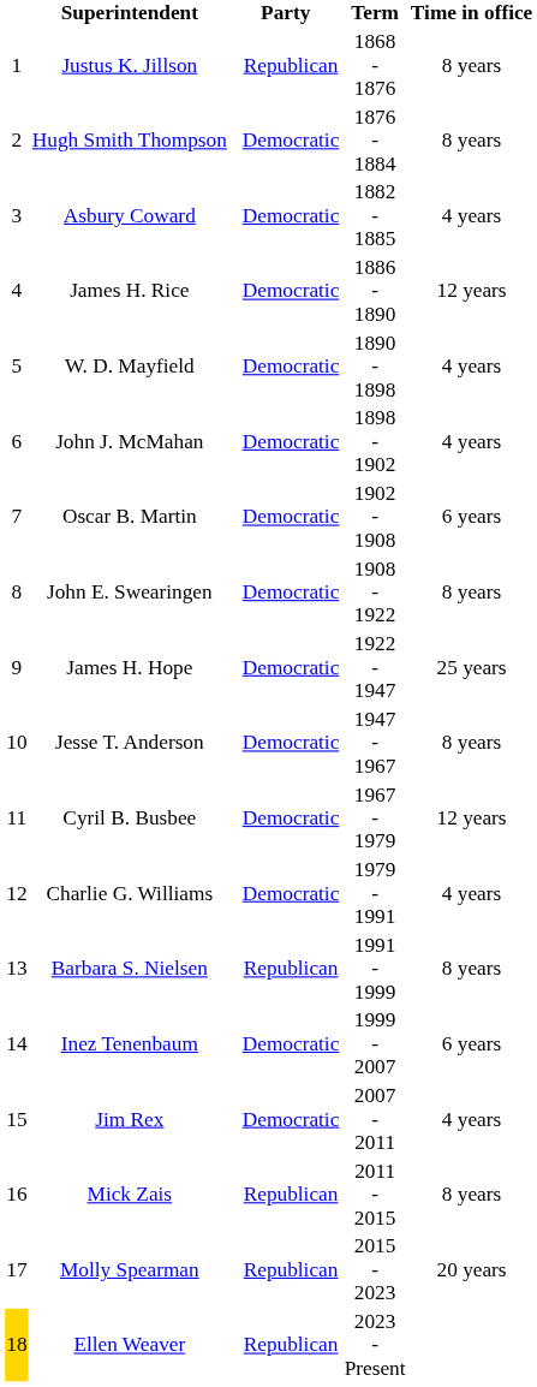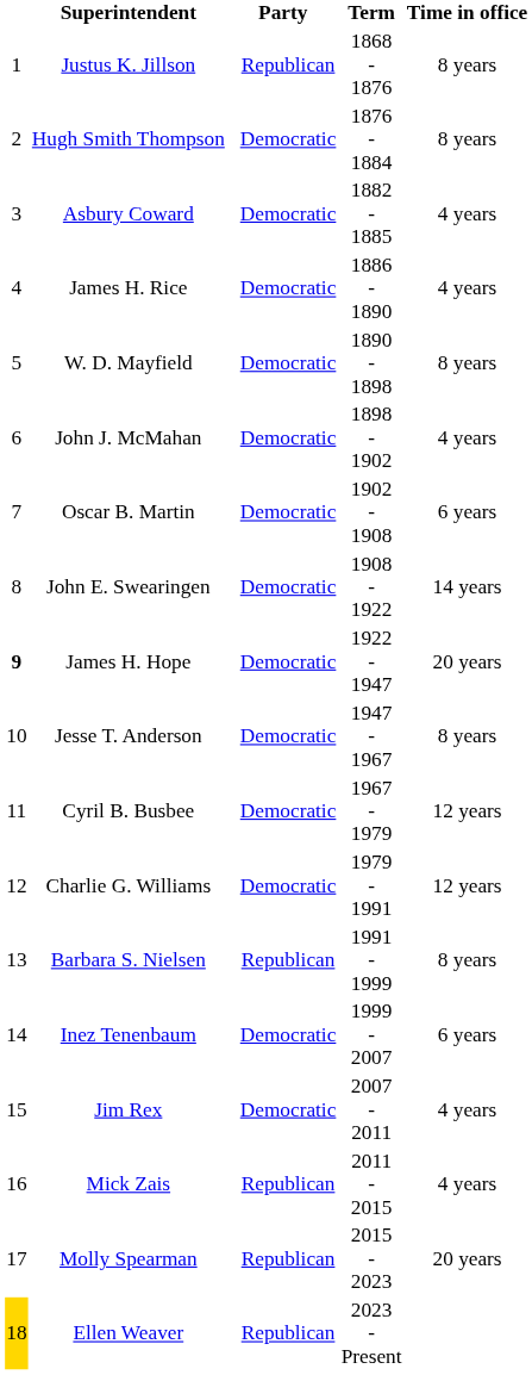 <table class="wiki table sortable" style="text-align: center;">
 <tr>
 <th scope="col" data-sort-type="number"></th>
 <th scope="col">Superintendent</th>
 <th scope="col" colspan="2">Party</th>
 <th>Term</th>
 <th scope="col">Time in office</th>
 </tr>
 <tr style="height:2em;">
 <td>1</td>
 <td><a href='#'>Justus K. Jillson</a></td>
 <td style="background:"> </td>
 <td><a href='#'>Republican</a></td>
 <td>1868<br>-<br>1876</td>
 <td>8 years</td>
 </tr>
 <tr style="height:2em;">
 <td>2</td>
 <td><a href='#'>Hugh Smith Thompson</a></td>
 <td style="background:"> </td>
 <td><a href='#'>Democratic</a></td>
 <td>1876<br>-<br>1884</td>
 <td>8 years</td>
 </tr>
 <tr style="height:2em;">
 <td>3</td>
 <td><a href='#'>Asbury Coward</a></td>
 <td style="background:"> </td>
 <td><a href='#'>Democratic</a></td>
 <td>1882<br>-<br>1885</td>
 <td>4 years</td>
 </tr>
 <tr style="height:2em;">
 <td>4</td>
 <td>James H. Rice</td>
 <td style="background:"> </td>
 <td><a href='#'>Democratic</a></td>
 <td>1886<br>-<br>1890</td>
-<td>12 years</td>
+<td>4 years</td>
 </tr>
 <tr style="height:2em;">
 <td>5</td>
 <td>W. D. Mayfield</td>
 <td style="background:"> </td>
 <td><a href='#'>Democratic</a></td>
 <td>1890<br>-<br>1898</td>
-<td>4 years</td>
+<td>8 years</td>
 </tr>
 <tr style="height:2em;">
 <td>6</td>
 <td>John J. McMahan</td>
 <td style="background:"> </td>
 <td><a href='#'>Democratic</a></td>
 <td>1898<br>-<br>1902</td>
 <td>4 years</td>
 </tr>
 <tr style="height:2em;">
 <td>7</td>
 <td>Oscar B. Martin</td>
 <td style="background:"> </td>
 <td><a href='#'>Democratic</a></td>
 <td>1902<br>-<br>1908</td>
 <td>6 years</td>
 </tr>
 <tr style="height:2em;">
 <td>8</td>
 <td>John E. Swearingen</td>
 <td style="background:"> </td>
 <td><a href='#'>Democratic</a></td>
 <td>1908<br>-<br>1922</td>
-<td>8 years</td>
+<td>14 years</td>
 </tr>
 <tr style="height:2em;">
-<td>9</td>
+<td><strong>9</strong></td>
 <td>James H. Hope</td>
 <td style="background:"> </td>
 <td><a href='#'>Democratic</a></td>
 <td>1922<br>-<br>1947</td>
-<td>25 years</td>
+<td>20 years</td>
 </tr>
 <tr style="height:2em;">
 <td>10</td>
 <td>Jesse T. Anderson</td>
 <td style="background:"> </td>
 <td><a href='#'>Democratic</a></td>
 <td>1947<br>-<br>1967</td>
 <td>8 years</td>
 </tr>
 <tr>
 <td>11</td>
 <td>Cyril B. Busbee</td>
 <td style="background:"> </td>
 <td><a href='#'>Democratic</a></td>
 <td>1967<br>-<br>1979</td>
 <td>12 years</td>
 </tr>
 <tr>
 <td>12</td>
 <td>Charlie G. Williams</td>
 <td style="background:"> </td>
 <td><a href='#'>Democratic</a></td>
 <td>1979<br>-<br>1991</td>
-<td>4 years</td>
+<td>12 years</td>
 </tr>
 <tr>
 <td>13</td>
 <td><a href='#'>Barbara S. Nielsen</a></td>
 <td style="background:"> </td>
 <td><a href='#'>Republican</a></td>
 <td>1991<br>-<br>1999</td>
 <td>8 years</td>
 </tr>
 <tr>
 <td>14</td>
 <td><a href='#'>Inez Tenenbaum</a></td>
 <td style="background:"> </td>
 <td><a href='#'>Democratic</a></td>
 <td>1999<br>-<br>2007</td>
 <td>6 years</td>
 </tr>
 <tr>
 <td>15</td>
 <td><a href='#'>Jim Rex</a></td>
 <td style="background:"> </td>
 <td><a href='#'>Democratic</a></td>
 <td>2007<br>-<br>2011</td>
 <td>4 years</td>
 </tr>
 <tr>
 <td>16</td>
 <td><a href='#'>Mick Zais</a></td>
 <td style="background:"> </td>
 <td><a href='#'>Republican</a></td>
 <td>2011<br>-<br>2015</td>
-<td>8 years</td>
+<td>4 years</td>
 </tr>
 <tr>
 <td>17</td>
 <td><a href='#'>Molly Spearman</a></td>
 <td style="background:"> </td>
 <td><a href='#'>Republican</a></td>
 <td>2015<br>-<br>2023</td>
 <td>20 years</td>
 </tr>
 <tr>
 <td style="background: gold;">18</td>
 <td><a href='#'>Ellen Weaver</a></td>
 <td style="background:"> </td>
 <td><a href='#'>Republican</a></td>
 <td>2023<br>-<br>Present</td>
 <td></td>
 </tr>
 <tr>
 </tr>
 </table>
